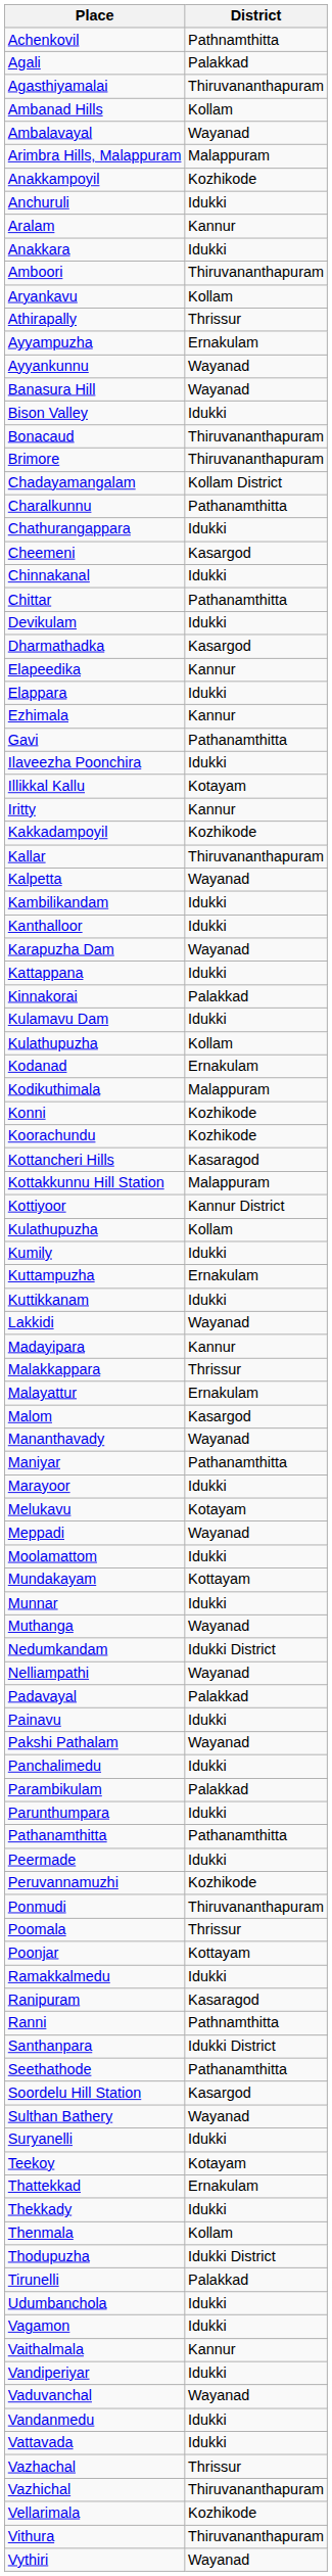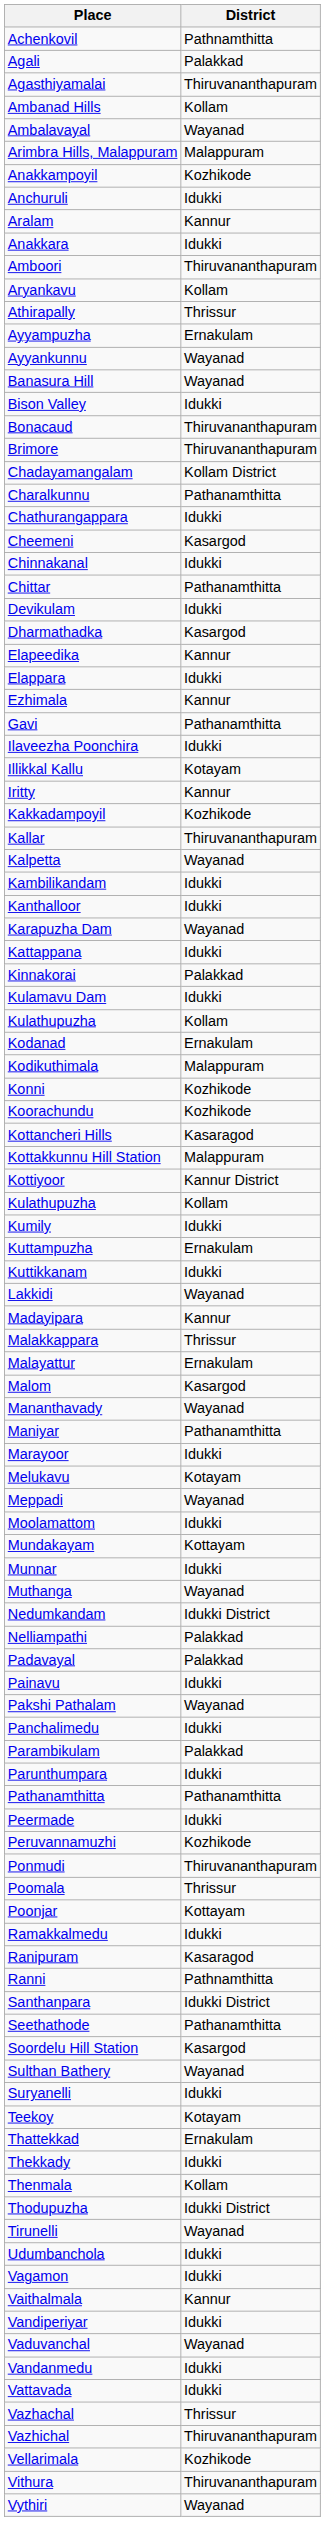 <table class="wikitable sortable">
 <tr>
 <th>Place</th>
 <th>District</th>
 </tr>
 <tr>
 <td><a href='#'>Achenkovil</a></td>
 <td>Pathnamthitta</td>
 </tr>
 <tr>
 <td><a href='#'>Agali</a></td>
 <td>Palakkad</td>
 </tr>
 <tr>
 <td><a href='#'>Agasthiyamalai</a></td>
 <td>Thiruvananthapuram</td>
 </tr>
 <tr>
 <td><a href='#'>Ambanad Hills</a></td>
 <td>Kollam</td>
 </tr>
 <tr>
 <td><a href='#'>Ambalavayal</a></td>
 <td>Wayanad</td>
 </tr>
 <tr>
 <td><a href='#'>Arimbra Hills, Malappuram</a></td>
 <td>Malappuram</td>
 </tr>
 <tr>
 <td><a href='#'>Anakkampoyil</a></td>
 <td>Kozhikode</td>
 </tr>
 <tr>
 <td><a href='#'>Anchuruli</a></td>
 <td>Idukki</td>
 </tr>
 <tr>
 <td><a href='#'>Aralam</a></td>
 <td>Kannur</td>
 </tr>
 <tr>
 <td><a href='#'>Anakkara</a></td>
 <td>Idukki</td>
 </tr>
 <tr>
 <td><a href='#'>Amboori</a></td>
 <td>Thiruvananthapuram</td>
 </tr>
 <tr>
 <td><a href='#'>Aryankavu</a></td>
 <td>Kollam</td>
 </tr>
 <tr>
 <td><a href='#'>Athirapally</a></td>
 <td>Thrissur</td>
 </tr>
 <tr>
 <td><a href='#'>Ayyampuzha</a></td>
 <td>Ernakulam</td>
 </tr>
 <tr>
 <td><a href='#'>Ayyankunnu</a></td>
 <td>Wayanad</td>
 </tr>
 <tr>
 <td><a href='#'>Banasura Hill</a></td>
 <td>Wayanad</td>
 </tr>
 <tr>
 <td><a href='#'>Bison Valley</a></td>
 <td>Idukki</td>
 </tr>
 <tr>
 <td><a href='#'>Bonacaud</a></td>
 <td>Thiruvananthapuram</td>
 </tr>
 <tr>
 <td><a href='#'>Brimore</a></td>
 <td>Thiruvananthapuram</td>
 </tr>
 <tr>
 <td><a href='#'>Chadayamangalam</a></td>
 <td>Kollam District</td>
 </tr>
 <tr>
 <td><a href='#'>Charalkunnu</a></td>
 <td>Pathanamthitta</td>
 </tr>
 <tr>
 <td><a href='#'>Chathurangappara</a></td>
 <td>Idukki</td>
 </tr>
 <tr>
 <td><a href='#'>Cheemeni</a></td>
 <td>Kasargod</td>
 </tr>
 <tr>
 <td><a href='#'>Chinnakanal</a></td>
 <td>Idukki</td>
 </tr>
 <tr>
 <td><a href='#'>Chittar</a></td>
 <td>Pathanamthitta</td>
 </tr>
 <tr>
 <td><a href='#'>Devikulam</a></td>
 <td>Idukki</td>
 </tr>
 <tr>
 <td><a href='#'>Dharmathadka</a></td>
 <td>Kasargod</td>
 </tr>
 <tr>
 <td><a href='#'>Elapeedika</a></td>
 <td>Kannur</td>
 </tr>
 <tr>
 <td><a href='#'>Elappara</a></td>
 <td>Idukki</td>
 </tr>
 <tr>
 <td><a href='#'>Ezhimala</a></td>
 <td>Kannur</td>
 </tr>
 <tr>
 <td><a href='#'>Gavi</a></td>
 <td>Pathanamthitta</td>
 </tr>
 <tr>
 <td><a href='#'>Ilaveezha Poonchira</a></td>
 <td>Idukki</td>
 </tr>
 <tr>
 <td><a href='#'>Illikkal Kallu</a></td>
 <td>Kotayam</td>
 </tr>
 <tr>
 <td><a href='#'>Iritty</a></td>
 <td>Kannur</td>
 </tr>
 <tr>
 <td><a href='#'>Kakkadampoyil</a></td>
 <td>Kozhikode</td>
 </tr>
 <tr>
 <td><a href='#'>Kallar</a></td>
 <td>Thiruvananthapuram</td>
 </tr>
 <tr>
 <td><a href='#'>Kalpetta</a></td>
 <td>Wayanad</td>
 </tr>
 <tr>
 <td><a href='#'>Kambilikandam</a></td>
 <td>Idukki</td>
 </tr>
 <tr>
 <td><a href='#'>Kanthalloor</a></td>
 <td>Idukki</td>
 </tr>
 <tr>
 <td><a href='#'>Karapuzha Dam</a></td>
 <td>Wayanad</td>
 </tr>
 <tr>
 <td><a href='#'>Kattappana</a></td>
 <td>Idukki</td>
 </tr>
 <tr>
 <td><a href='#'>Kinnakorai</a></td>
 <td>Palakkad</td>
 </tr>
 <tr>
 <td><a href='#'>Kulamavu Dam</a></td>
 <td>Idukki</td>
 </tr>
 <tr>
 <td><a href='#'>Kulathupuzha</a></td>
 <td>Kollam</td>
 </tr>
 <tr>
 <td><a href='#'>Kodanad</a></td>
 <td>Ernakulam</td>
 </tr>
 <tr>
 <td><a href='#'>Kodikuthimala</a></td>
 <td>Malappuram</td>
 </tr>
 <tr>
 <td><a href='#'>Konni</a></td>
 <td>Kozhikode</td>
 </tr>
 <tr>
 <td><a href='#'>Koorachundu</a></td>
 <td>Kozhikode</td>
 </tr>
 <tr>
 <td><a href='#'>Kottancheri Hills</a></td>
 <td>Kasaragod</td>
 </tr>
 <tr>
 <td><a href='#'>Kottakkunnu Hill Station</a></td>
 <td>Malappuram</td>
 </tr>
 <tr>
 <td><a href='#'>Kottiyoor</a></td>
 <td>Kannur District</td>
 </tr>
 <tr>
 <td><a href='#'>Kulathupuzha</a></td>
 <td>Kollam</td>
 </tr>
 <tr>
 <td><a href='#'>Kumily</a></td>
 <td>Idukki</td>
 </tr>
 <tr>
 <td><a href='#'>Kuttampuzha</a></td>
 <td>Ernakulam</td>
 </tr>
 <tr>
 <td><a href='#'>Kuttikkanam</a></td>
 <td>Idukki</td>
 </tr>
 <tr>
 <td><a href='#'>Lakkidi</a></td>
 <td>Wayanad</td>
 </tr>
 <tr>
 <td><a href='#'>Madayipara</a></td>
 <td>Kannur</td>
 </tr>
 <tr>
 <td><a href='#'>Malakkappara</a></td>
 <td>Thrissur</td>
 </tr>
 <tr>
 <td><a href='#'>Malayattur</a></td>
 <td>Ernakulam</td>
 </tr>
 <tr>
 <td><a href='#'>Malom</a></td>
 <td>Kasargod</td>
 </tr>
 <tr>
 <td><a href='#'>Mananthavady</a></td>
 <td>Wayanad</td>
 </tr>
 <tr>
 <td><a href='#'>Maniyar</a></td>
 <td>Pathanamthitta</td>
 </tr>
 <tr>
 <td><a href='#'>Marayoor</a></td>
 <td>Idukki</td>
 </tr>
 <tr>
 <td><a href='#'>Melukavu</a></td>
 <td>Kotayam</td>
 </tr>
 <tr>
 <td><a href='#'>Meppadi</a></td>
 <td>Wayanad</td>
 </tr>
 <tr>
 <td><a href='#'>Moolamattom</a></td>
 <td>Idukki</td>
 </tr>
 <tr>
 <td><a href='#'>Mundakayam</a></td>
 <td>Kottayam</td>
 </tr>
 <tr>
 <td><a href='#'>Munnar</a></td>
 <td>Idukki</td>
 </tr>
 <tr>
 <td><a href='#'>Muthanga</a></td>
 <td>Wayanad</td>
 </tr>
 <tr>
 <td><a href='#'>Nedumkandam</a></td>
 <td>Idukki District</td>
 </tr>
 <tr>
 <td><a href='#'>Nelliampathi</a></td>
-<td>Wayanad</td>
+<td>Palakkad</td>
 </tr>
 <tr>
 <td><a href='#'>Padavayal</a></td>
 <td>Palakkad</td>
 </tr>
 <tr>
 <td><a href='#'>Painavu</a></td>
 <td>Idukki</td>
 </tr>
 <tr>
 <td><a href='#'>Pakshi Pathalam</a></td>
 <td>Wayanad</td>
 </tr>
 <tr>
 <td><a href='#'>Panchalimedu</a></td>
 <td>Idukki</td>
 </tr>
 <tr>
 <td><a href='#'>Parambikulam</a></td>
 <td>Palakkad</td>
 </tr>
 <tr>
 <td><a href='#'>Parunthumpara</a></td>
 <td>Idukki</td>
 </tr>
 <tr>
 <td><a href='#'>Pathanamthitta</a></td>
 <td>Pathanamthitta</td>
 </tr>
 <tr>
 <td><a href='#'>Peermade</a></td>
 <td>Idukki</td>
 </tr>
 <tr>
 <td><a href='#'>Peruvannamuzhi</a></td>
 <td>Kozhikode</td>
 </tr>
 <tr>
 <td><a href='#'>Ponmudi</a></td>
 <td>Thiruvananthapuram</td>
 </tr>
 <tr>
 <td><a href='#'>Poomala</a></td>
 <td>Thrissur</td>
 </tr>
 <tr>
 <td><a href='#'>Poonjar</a></td>
 <td>Kottayam</td>
 </tr>
 <tr>
 <td><a href='#'>Ramakkalmedu</a></td>
 <td>Idukki</td>
 </tr>
 <tr>
 <td><a href='#'>Ranipuram</a></td>
 <td>Kasaragod</td>
 </tr>
 <tr>
 <td><a href='#'>Ranni</a></td>
 <td>Pathnamthitta</td>
 </tr>
 <tr>
 <td><a href='#'>Santhanpara</a></td>
 <td>Idukki District</td>
 </tr>
 <tr>
 <td><a href='#'>Seethathode</a></td>
 <td>Pathanamthitta</td>
 </tr>
 <tr>
 <td><a href='#'>Soordelu Hill Station</a></td>
 <td>Kasargod</td>
 </tr>
 <tr>
 <td><a href='#'>Sulthan Bathery</a></td>
 <td>Wayanad</td>
 </tr>
 <tr>
 <td><a href='#'>Suryanelli</a></td>
 <td>Idukki</td>
 </tr>
 <tr>
 <td><a href='#'>Teekoy</a></td>
 <td>Kotayam</td>
 </tr>
 <tr>
 <td><a href='#'>Thattekkad</a></td>
 <td>Ernakulam</td>
 </tr>
 <tr>
 <td><a href='#'>Thekkady</a></td>
 <td>Idukki</td>
 </tr>
 <tr>
 <td><a href='#'>Thenmala</a></td>
 <td>Kollam</td>
 </tr>
 <tr>
 <td><a href='#'>Thodupuzha</a></td>
 <td>Idukki District</td>
 </tr>
 <tr>
 <td><a href='#'>Tirunelli</a></td>
-<td>Palakkad</td>
+<td>Wayanad</td>
 </tr>
 <tr>
 <td><a href='#'>Udumbanchola</a></td>
 <td>Idukki</td>
 </tr>
 <tr>
 <td><a href='#'>Vagamon</a></td>
 <td>Idukki</td>
 </tr>
 <tr>
 <td><a href='#'>Vaithalmala</a></td>
 <td>Kannur</td>
 </tr>
 <tr>
 <td><a href='#'>Vandiperiyar</a></td>
 <td>Idukki</td>
 </tr>
 <tr>
 <td><a href='#'>Vaduvanchal</a></td>
 <td>Wayanad</td>
 </tr>
 <tr>
 <td><a href='#'>Vandanmedu</a></td>
 <td>Idukki</td>
 </tr>
 <tr>
 <td><a href='#'>Vattavada</a></td>
 <td>Idukki</td>
 </tr>
 <tr>
 <td><a href='#'>Vazhachal</a></td>
 <td>Thrissur</td>
 </tr>
 <tr>
 <td><a href='#'>Vazhichal</a></td>
 <td>Thiruvananthapuram</td>
 </tr>
 <tr>
 <td><a href='#'>Vellarimala</a></td>
 <td>Kozhikode</td>
 </tr>
 <tr>
 <td><a href='#'>Vithura</a></td>
 <td>Thiruvananthapuram</td>
 </tr>
 <tr>
 <td><a href='#'>Vythiri</a></td>
 <td>Wayanad</td>
 </tr>
 </table>
